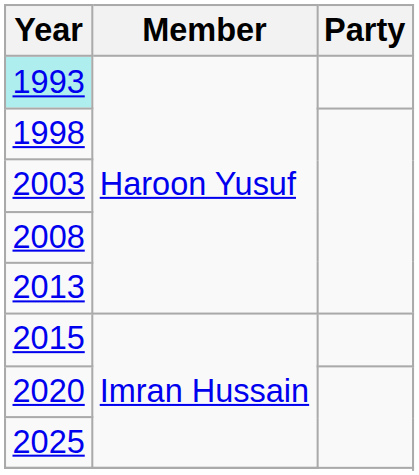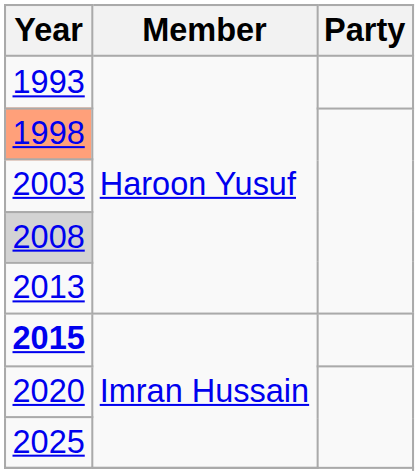 <table class="wikitable">
 <tr>
 <th>Year</th>
 <th>Member</th>
 <th colspan=2>Party</th>
 </tr>
 <tr>
-<td style="background: paleturquoise;"><a href='#'>1993</a></td>
+<td><a href='#'>1993</a></td>
 <td rowspan="5"><a href='#'>Haroon Yusuf</a></td>
 <td></td>
 </tr>
 <tr>
-<td><a href='#'>1998</a></td>
+<td style="background: lightsalmon;"><a href='#'>1998</a></td>
 </tr>
 <tr>
 <td><a href='#'>2003</a></td>
 </tr>
 <tr>
-<td><a href='#'>2008</a></td>
+<td style="background: lightgrey;"><a href='#'>2008</a></td>
 </tr>
 <tr>
 <td><a href='#'>2013</a></td>
 </tr>
 <tr>
-<td><a href='#'>2015</a></td>
+<td><strong><a href='#'>2015</a></strong></td>
 <td rowspan="3"><a href='#'>Imran Hussain</a></td>
 <td></td>
 </tr>
 <tr>
 <td><a href='#'>2020</a></td>
 </tr>
 <tr>
 <td><a href='#'>2025</a></td>
 </tr>
 <tr>
 </tr>
 </table>
